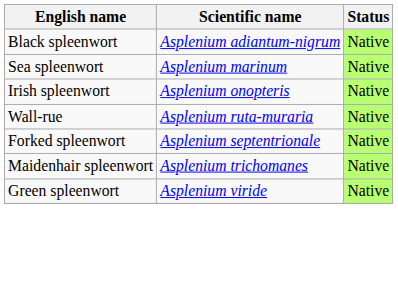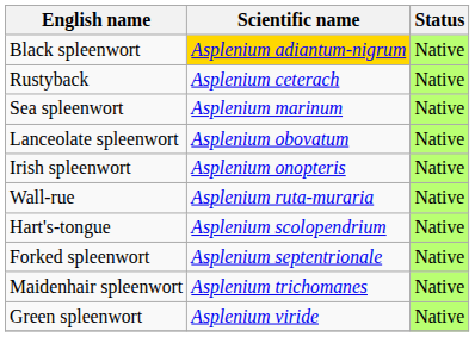 <table class="wikitable" |>
 <tr>
 <th>English name</th>
 <th>Scientific name</th>
 <th>Status</th>
 </tr>
 <tr>
 <td>Black spleenwort</td>
-<td><em><a href='#'>Asplenium adiantum-nigrum</a></em></td>
+<td style="background: gold;"><em><a href='#'>Asplenium adiantum-nigrum</a></em></td>
+<td style="background: #B9FF72; text-align: ">Native</td>
+</tr>
+<tr>
+<td>Rustyback</td>
+<td><em><a href='#'>Asplenium ceterach</a></em></td>
 <td style="background: #B9FF72; text-align: ">Native</td>
 </tr>
 <tr>
 <td>Sea spleenwort</td>
 <td><em><a href='#'>Asplenium marinum</a></em></td>
+<td style="background: #B9FF72; text-align: ">Native</td>
+</tr>
+<tr>
+<td>Lanceolate spleenwort</td>
+<td><em><a href='#'>Asplenium obovatum</a></em></td>
 <td style="background: #B9FF72; text-align: ">Native</td>
 </tr>
 <tr>
 <td>Irish spleenwort</td>
 <td><em><a href='#'>Asplenium onopteris</a></em></td>
 <td style="background: #B9FF72; text-align: ">Native</td>
 </tr>
 <tr>
 <td>Wall-rue</td>
 <td><em><a href='#'>Asplenium ruta-muraria</a></em></td>
+<td style="background: #B9FF72; text-align: ">Native</td>
+</tr>
+<tr>
+<td>Hart's-tongue</td>
+<td><em><a href='#'>Asplenium scolopendrium</a></em></td>
 <td style="background: #B9FF72; text-align: ">Native</td>
 </tr>
 <tr>
 <td>Forked spleenwort</td>
 <td><em><a href='#'>Asplenium septentrionale</a></em></td>
 <td style="background: #B9FF72; text-align: ">Native</td>
 </tr>
 <tr>
 <td>Maidenhair spleenwort</td>
 <td><em><a href='#'>Asplenium trichomanes</a></em></td>
 <td style="background: #B9FF72; text-align: ">Native</td>
 </tr>
 <tr>
 <td>Green spleenwort</td>
 <td><em><a href='#'>Asplenium viride</a></em></td>
 <td style="background: #B9FF72; text-align: ">Native</td>
 </tr>
 <tr>
 </tr>
 </table>
